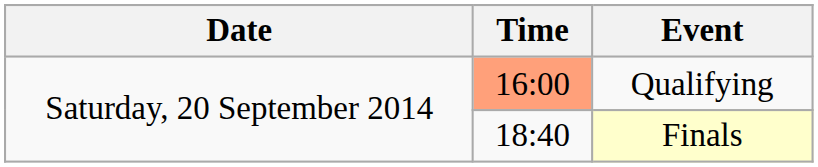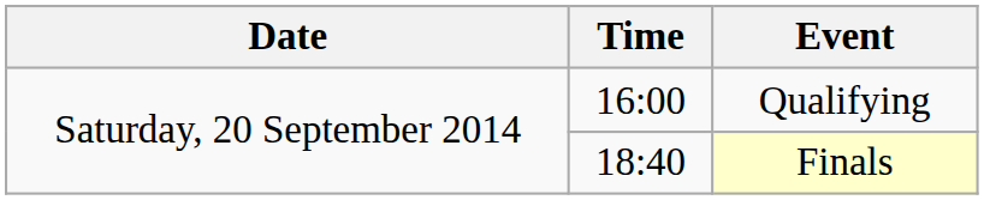 <table class = "wikitable" style="text-align:center;">
 <tr>
 <th width=220>Date</th>
 <th width=50>Time</th>
 <th width=100>Event</th>
 </tr>
 <tr>
 <td rowspan=2>Saturday, 20 September 2014</td>
-<td style="background: lightsalmon;">16:00</td>
+<td>16:00</td>
 <td>Qualifying</td>
 </tr>
 <tr>
 <td>18:40</td>
 <td bgcolor=ffffcc>Finals</td>
 </tr>
 </table>
